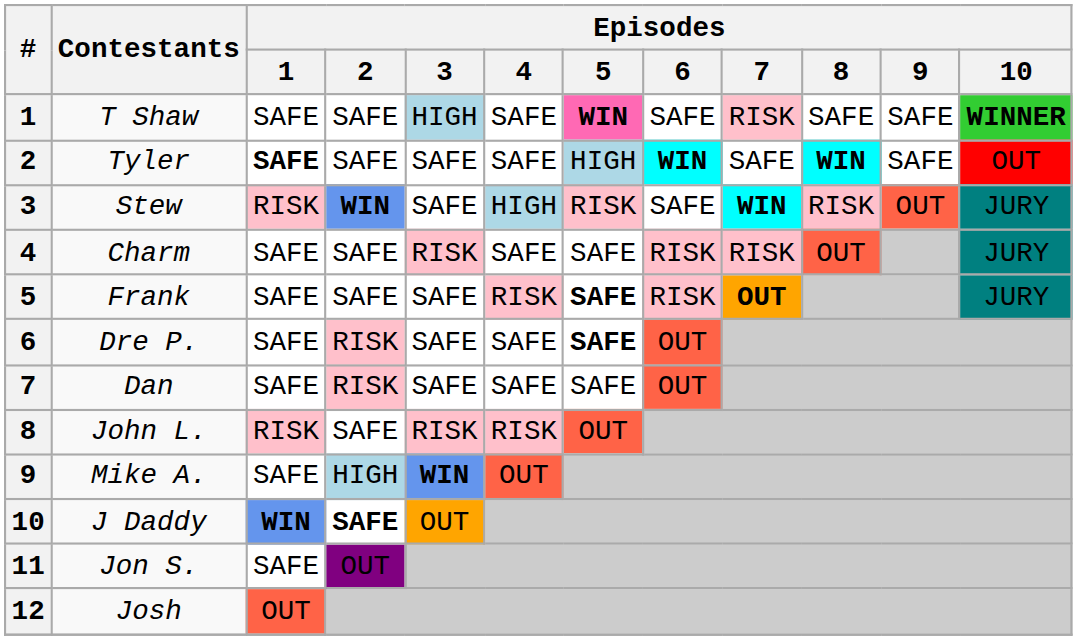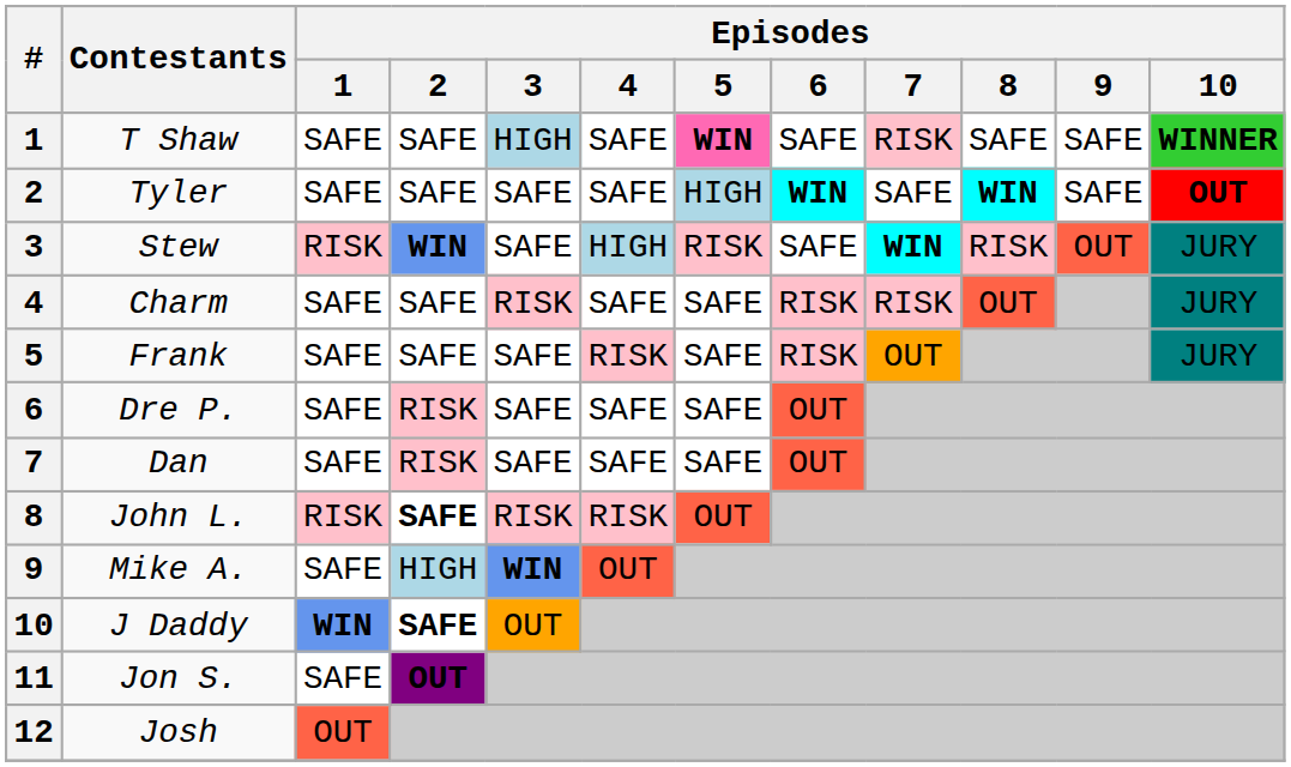 <table class="wikitable" style="text-align:center; background:white">
 <tr>
 <th rowspan=2>#</th>
 <th rowspan=2>Contestants</th>
 <th colspan=10>Episodes</th>
 </tr>
 <tr>
 <th>1</th>
 <th>2</th>
 <th>3</th>
 <th>4</th>
 <th>5</th>
 <th>6</th>
 <th>7</th>
 <th>8</th>
 <th>9</th>
 <th>10</th>
 </tr>
 <tr>
 <th>1</th>
 <td bgcolor="#f9f9f9"><em>T Shaw</em></td>
 <td>SAFE</td>
 <td>SAFE</td>
 <td bgcolor="lightblue">HIGH</td>
 <td>SAFE</td>
 <td bgcolor="hotpink"><strong>WIN</strong></td>
 <td>SAFE</td>
 <td bgcolor="pink">RISK</td>
 <td>SAFE</td>
 <td>SAFE</td>
 <td bgcolor="limegreen"><strong>WINNER</strong></td>
 </tr>
 <tr>
 <th>2</th>
 <td bgcolor="#f9f9f9"><em>Tyler</em></td>
-<td><strong>SAFE</strong></td>
+<td>SAFE</td>
 <td>SAFE</td>
 <td>SAFE</td>
 <td>SAFE</td>
 <td bgcolor="lightblue">HIGH</td>
 <td bgcolor="aqua"><strong>WIN</strong></td>
 <td>SAFE</td>
 <td bgcolor="aqua"><strong>WIN</strong></td>
 <td>SAFE</td>
-<td bgcolor="red">OUT</td>
+<td bgcolor="red"><strong>OUT</strong></td>
 </tr>
 <tr>
 <th>3</th>
 <td bgcolor="#f9f9f9"><em>Stew</em></td>
 <td bgcolor="pink">RISK</td>
 <td bgcolor="cornflowerblue"><strong>WIN</strong></td>
 <td>SAFE</td>
 <td bgcolor="lightblue">HIGH</td>
 <td bgcolor="pink">RISK</td>
 <td>SAFE</td>
 <td bgcolor="aqua"><strong>WIN</strong></td>
 <td bgcolor="pink">RISK</td>
 <td bgcolor="tomato">OUT</td>
 <td bgcolor="teal">JURY</td>
 </tr>
 <tr>
 <th>4</th>
 <td bgcolor="#f9f9f9"><em>Charm</em></td>
 <td>SAFE</td>
 <td>SAFE</td>
 <td bgcolor="pink">RISK</td>
 <td>SAFE</td>
 <td>SAFE</td>
 <td bgcolor="pink">RISK</td>
 <td bgcolor="pink">RISK</td>
 <td bgcolor="tomato">OUT</td>
 <td bgcolor="#CCCCCC"></td>
 <td bgcolor="teal">JURY</td>
 </tr>
 <tr>
 <th>5</th>
 <td bgcolor="#f9f9f9"><em>Frank</em></td>
 <td>SAFE</td>
 <td>SAFE</td>
 <td>SAFE</td>
 <td bgcolor="pink">RISK</td>
-<td><strong>SAFE</strong></td>
+<td>SAFE</td>
 <td bgcolor="pink">RISK</td>
-<td bgcolor="orange"><strong>OUT</strong></td>
+<td bgcolor="orange">OUT</td>
 <td colspan=2 bgcolor="#CCCCCC"></td>
 <td bgcolor="teal">JURY</td>
 </tr>
 <tr>
 <th>6</th>
 <td bgcolor="#f9f9f9"><em>Dre P.</em></td>
 <td>SAFE</td>
 <td bgcolor="pink">RISK</td>
 <td>SAFE</td>
 <td>SAFE</td>
-<td><strong>SAFE</strong></td>
+<td>SAFE</td>
 <td bgcolor="tomato">OUT</td>
 <td bgcolor="#CCCCCC" colspan=4></td>
 </tr>
 <tr>
 <th>7</th>
 <td bgcolor="#f9f9f9"><em>Dan</em></td>
 <td>SAFE</td>
 <td bgcolor="pink">RISK</td>
 <td>SAFE</td>
 <td>SAFE</td>
 <td>SAFE</td>
 <td bgcolor="tomato">OUT</td>
 <td bgcolor="#CCCCCC" colspan=4></td>
 </tr>
 <tr>
 <th>8</th>
 <td bgcolor="#f9f9f9"><em>John L.</em></td>
 <td bgcolor="pink">RISK</td>
-<td>SAFE</td>
+<td><strong>SAFE</strong></td>
 <td bgcolor="pink">RISK</td>
 <td bgcolor="pink">RISK</td>
 <td bgcolor="tomato">OUT</td>
 <td bgcolor="#CCCCCC" colspan=5></td>
 </tr>
 <tr>
 <th>9</th>
 <td bgcolor="#f9f9f9"><em>Mike A.</em></td>
 <td>SAFE</td>
 <td bgcolor="lightblue">HIGH</td>
 <td bgcolor="cornflowerblue"><strong>WIN</strong></td>
 <td bgcolor="tomato">OUT</td>
 <td bgcolor="#CCCCCC" colspan=6></td>
 </tr>
 <tr>
 <th>10</th>
 <td bgcolor="#f9f9f9"><em>J Daddy</em></td>
 <td bgcolor="cornflowerblue"><strong>WIN</strong></td>
 <td><strong>SAFE</strong></td>
 <td bgcolor="orange">OUT</td>
 <td bgcolor="#CCCCCC" colspan=7></td>
 </tr>
 <tr>
 <th>11</th>
 <td bgcolor="#f9f9f9"><em>Jon S.</em></td>
 <td>SAFE</td>
-<td bgcolor="purple"><span>OUT</span></td>
+<td bgcolor="purple"><strong><span>OUT</span></strong></td>
 <td bgcolor="#CCCCCC" colspan=8></td>
 </tr>
 <tr>
 <th>12</th>
 <td bgcolor="#f9f9f9"><em>Josh</em></td>
 <td bgcolor="tomato">OUT</td>
 <td bgcolor="#CCCCCC" colspan=9></td>
 </tr>
 <tr>
 </tr>
 </table>
